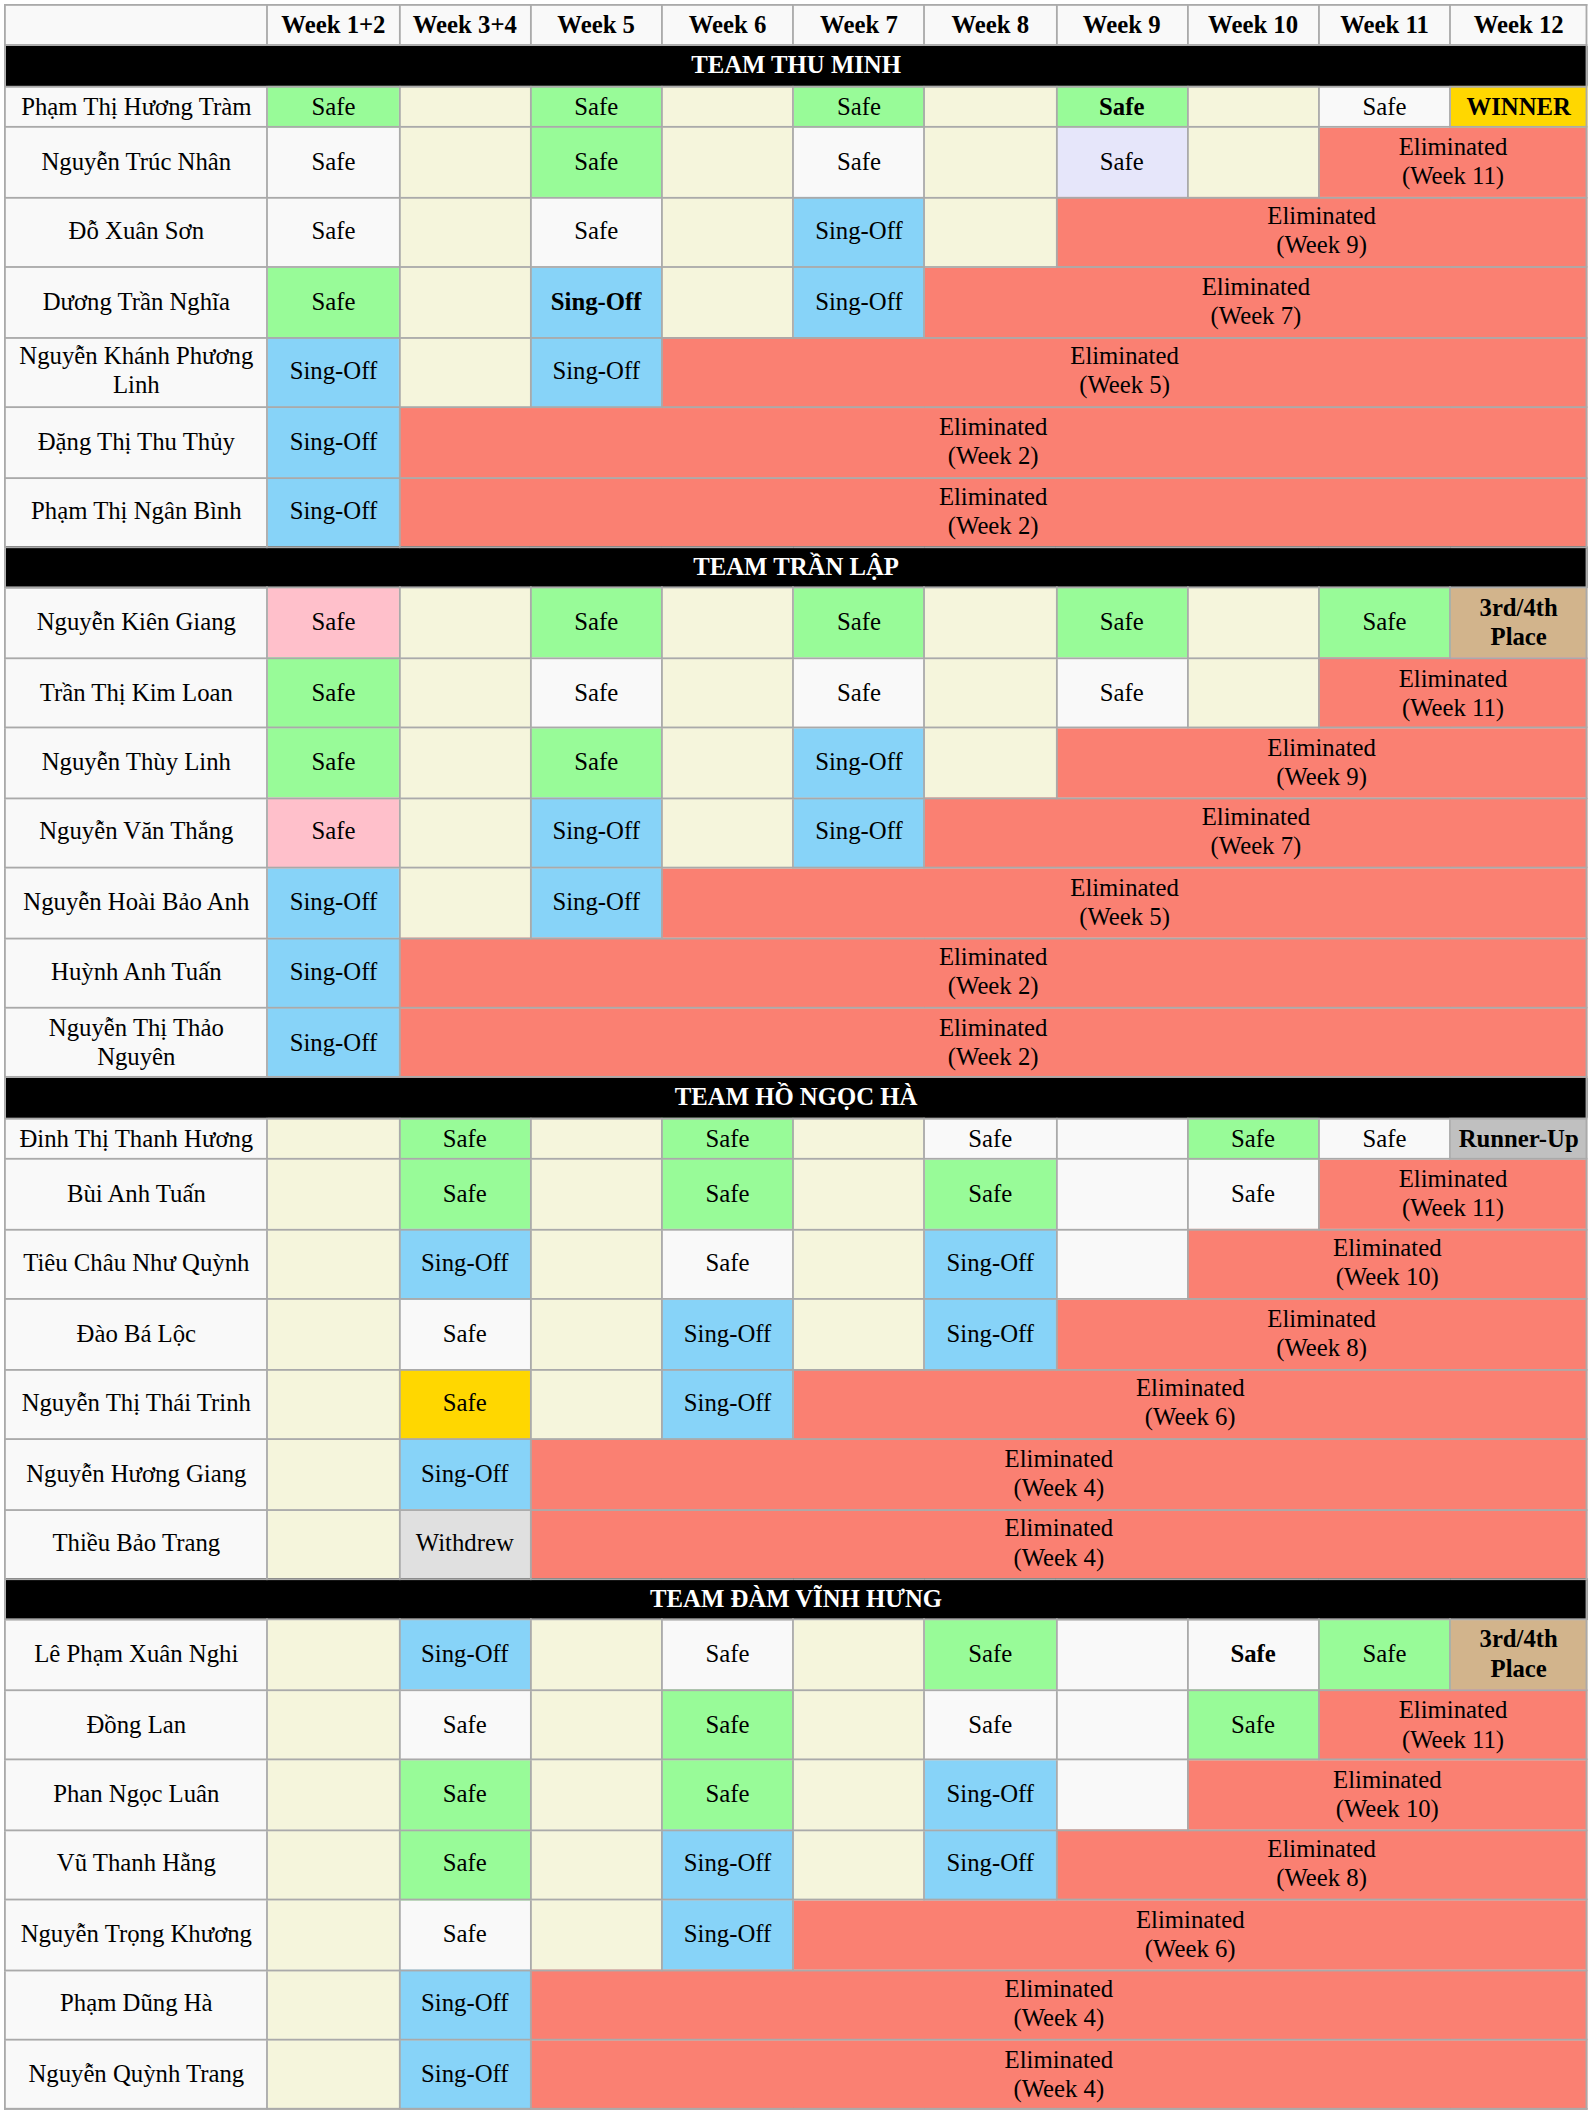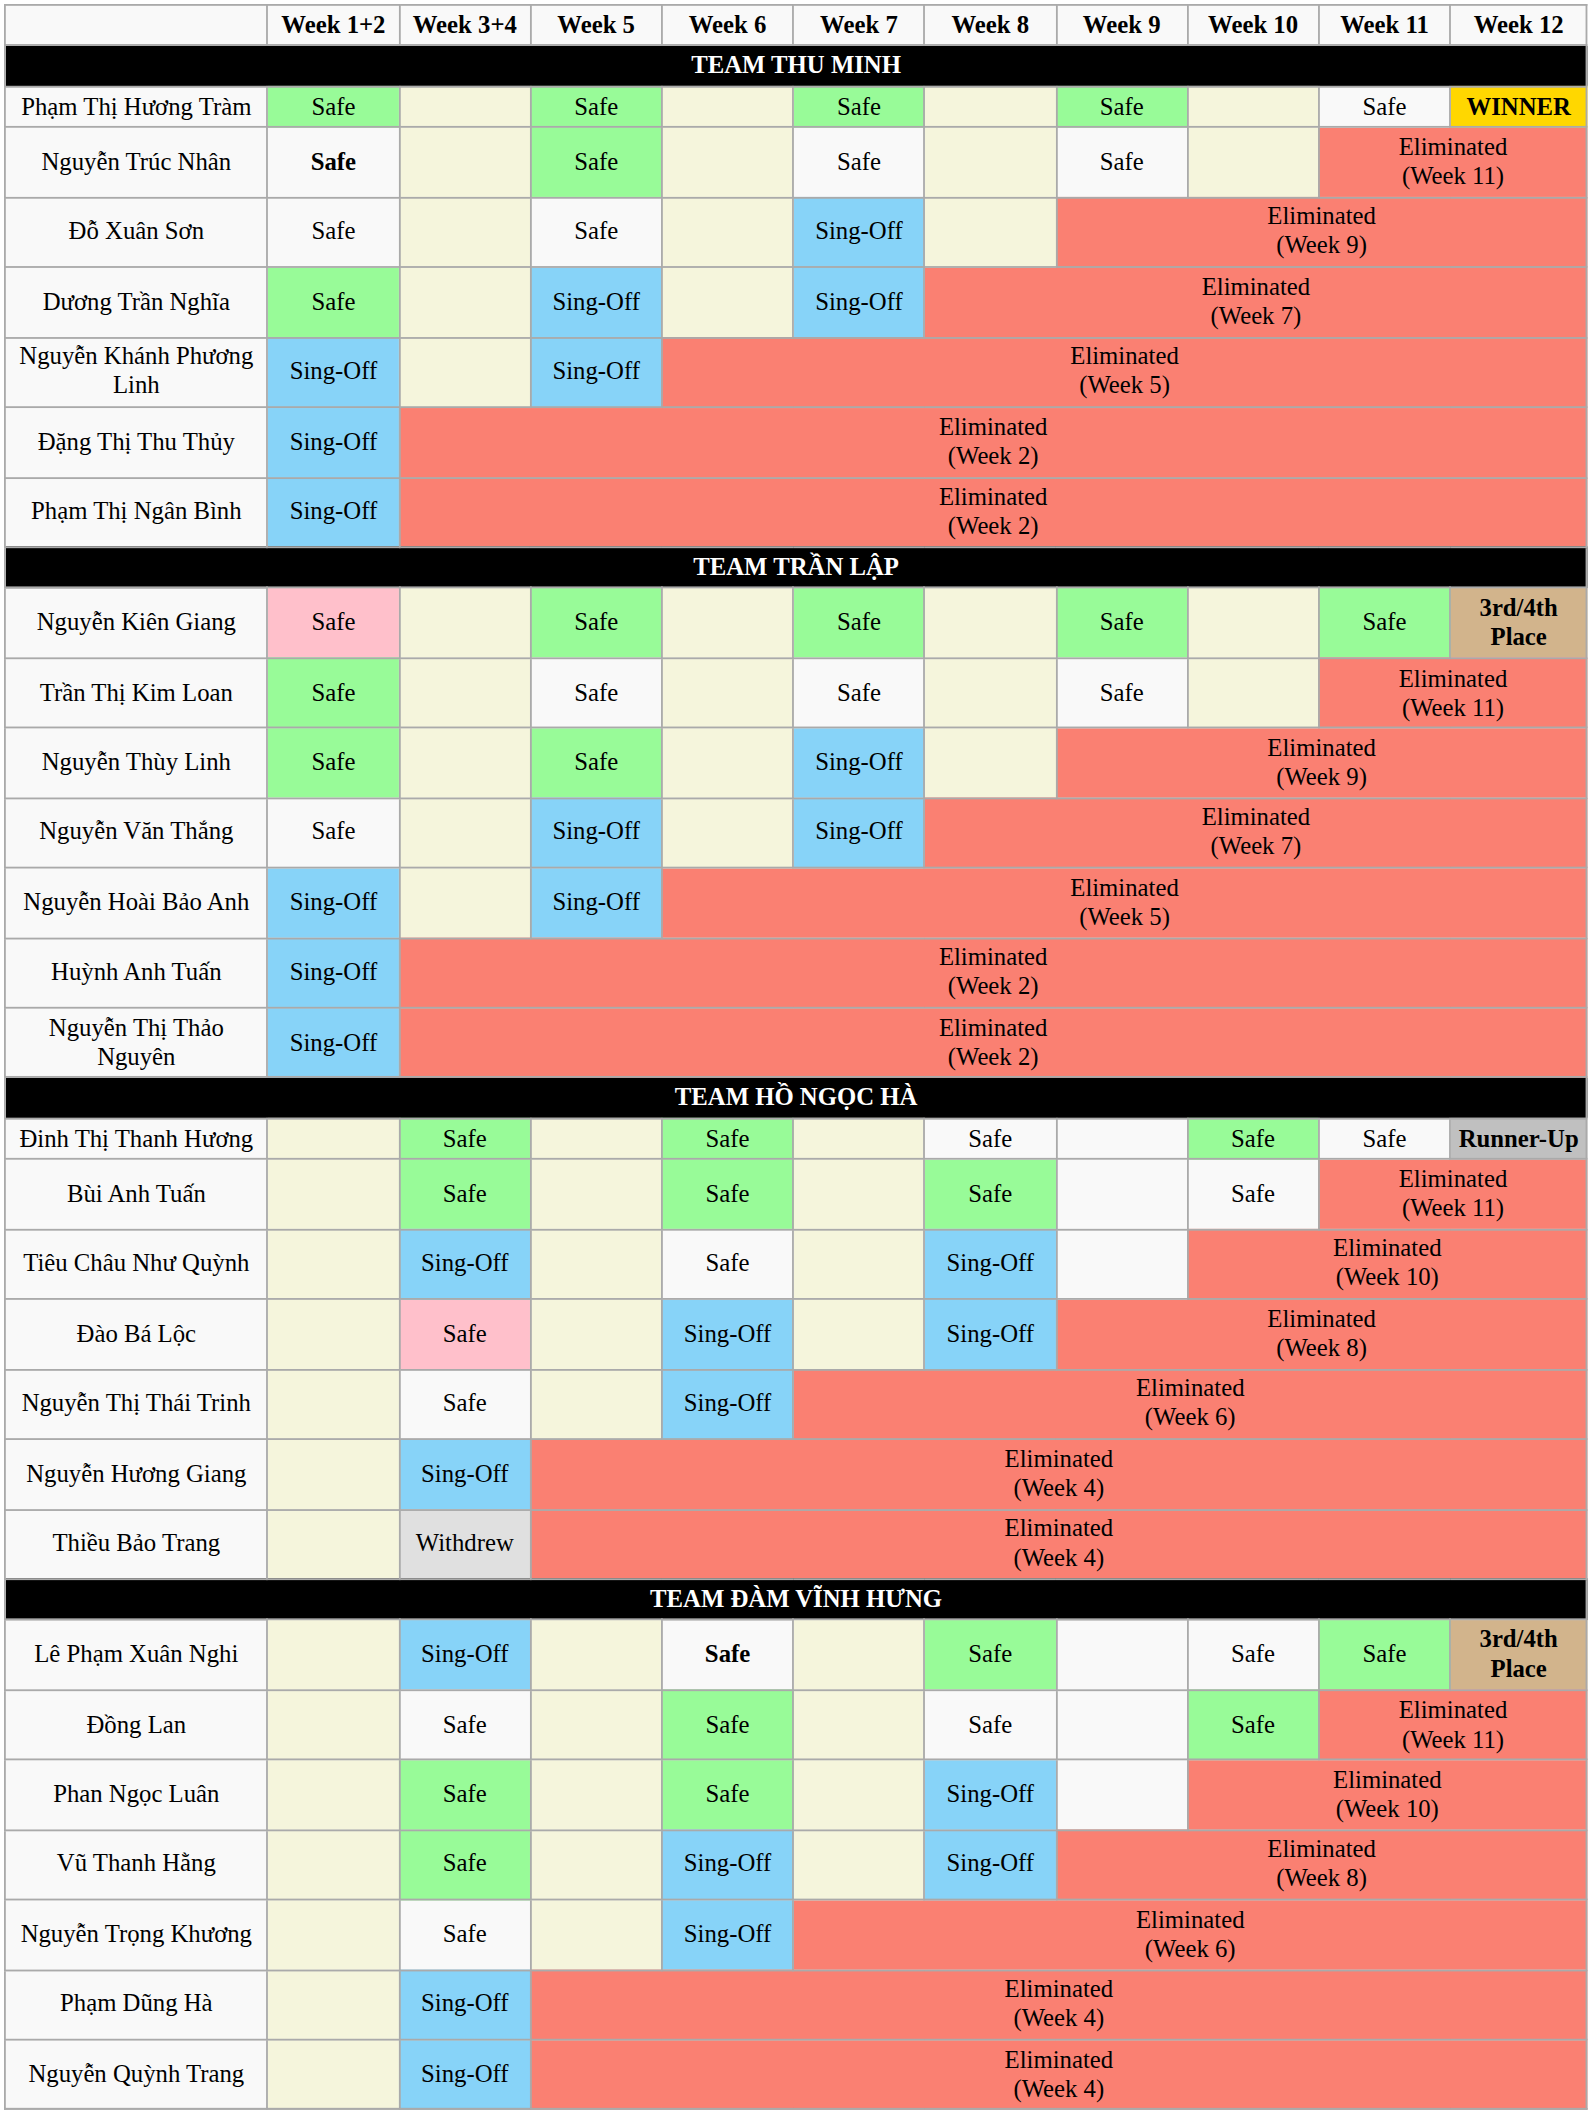 <table class="wikitable" style="text-align:center; font-size:85%">
 <tr>
 <td style="width:14%"></td>
 <td style="width:7%"><strong>Week 1+2</strong></td>
 <td style="width:7%"><strong>Week 3+4</strong></td>
 <td style="width:7%"><strong>Week 5</strong></td>
 <td style="width:7%"><strong>Week 6</strong></td>
 <td style="width:7%"><strong>Week 7</strong></td>
 <td style="width:7%"><strong>Week 8</strong></td>
 <td style="width:7%"><strong>Week 9</strong></td>
 <td style="width:7%"><strong>Week 10</strong></td>
 <td style="width:7%"><strong>Week 11</strong></td>
 <td style="width:7%"><strong>Week 12</strong></td>
 </tr>
 <tr>
 <td style="background:black;color:white;" colspan=11><strong>TEAM THU MINH</strong></td>
 </tr>
 <tr>
 <td>Phạm Thị Hương Tràm</td>
 <td bgcolor="palegreen">Safe</td>
 <td bgcolor="#F5F5DC"></td>
 <td bgcolor="palegreen">Safe</td>
 <td bgcolor="#F5F5DC"></td>
 <td bgcolor="palegreen">Safe</td>
 <td bgcolor="#F5F5DC"></td>
-<td bgcolor="palegreen"><strong>Safe</strong></td>
+<td bgcolor="palegreen">Safe</td>
 <td bgcolor="#F5F5DC"></td>
 <td>Safe</td>
 <td bgcolor="gold"><strong>WINNER</strong></td>
 </tr>
 <tr>
 <td>Nguyễn Trúc Nhân</td>
-<td>Safe</td>
+<td><strong>Safe</strong></td>
 <td bgcolor="#F5F5DC"></td>
 <td bgcolor="palegreen">Safe</td>
 <td bgcolor="#F5F5DC"></td>
 <td>Safe</td>
 <td bgcolor="#F5F5DC"></td>
-<td style="background: lavender;">Safe</td>
+<td>Safe</td>
 <td bgcolor="#F5F5DC"></td>
 <td style="background:#FA8072" colspan=4>Eliminated<br>(Week 11)</td>
 </tr>
 <tr>
 <td>Đỗ Xuân Sơn</td>
 <td>Safe</td>
 <td bgcolor="#F5F5DC"></td>
 <td>Safe</td>
 <td bgcolor="#F5F5DC"></td>
 <td bgcolor="#87D3F8">Sing-Off</td>
 <td bgcolor="#F5F5DC"></td>
 <td style="background:#FA8072" colspan=4>Eliminated<br>(Week 9)</td>
 </tr>
 <tr>
 <td>Dương Trần Nghĩa</td>
 <td bgcolor="palegreen">Safe</td>
 <td bgcolor="#F5F5DC"></td>
-<td bgcolor="#87D3F8"><strong>Sing-Off</strong></td>
+<td bgcolor="#87D3F8">Sing-Off</td>
 <td bgcolor="#F5F5DC"></td>
 <td bgcolor="#87D3F8">Sing-Off</td>
 <td style="background:#FA8072" colspan=5>Eliminated<br>(Week 7)</td>
 </tr>
 <tr>
 <td>Nguyễn Khánh Phương Linh</td>
 <td bgcolor="#87D3F8">Sing-Off</td>
 <td bgcolor="#F5F5DC"></td>
 <td bgcolor="#87D3F8">Sing-Off</td>
 <td style="background:#FA8072" colspan=7>Eliminated<br>(Week 5)</td>
 </tr>
 <tr>
 <td>Đặng Thị Thu Thủy</td>
 <td bgcolor="#87D3F8">Sing-Off</td>
 <td style="background:#FA8072" colspan=9>Eliminated<br>(Week 2)</td>
 </tr>
 <tr>
 <td>Phạm Thị Ngân Bình</td>
 <td bgcolor="#87D3F8">Sing-Off</td>
 <td style="background:#FA8072" colspan=9>Eliminated<br>(Week 2)</td>
 </tr>
 <tr>
 <td style="background:black;color:white;" colspan=11><strong>TEAM TRẦN LẬP</strong></td>
 </tr>
 <tr>
 <td>Nguyễn Kiên Giang</td>
 <td style="background: pink;">Safe</td>
 <td bgcolor="#F5F5DC"></td>
 <td bgcolor="palegreen">Safe</td>
 <td bgcolor="#F5F5DC"></td>
 <td bgcolor="palegreen">Safe</td>
 <td bgcolor="#F5F5DC"></td>
 <td bgcolor="palegreen">Safe</td>
 <td bgcolor="#F5F5DC"></td>
 <td bgcolor="palegreen">Safe</td>
 <td bgcolor="tan"><strong>3rd/4th Place</strong></td>
 </tr>
 <tr>
 <td>Trần Thị Kim Loan</td>
 <td bgcolor="palegreen">Safe</td>
 <td bgcolor="#F5F5DC"></td>
 <td>Safe</td>
 <td bgcolor="#F5F5DC"></td>
 <td>Safe</td>
 <td bgcolor="#F5F5DC"></td>
 <td>Safe</td>
 <td bgcolor="#F5F5DC"></td>
 <td style="background:#FA8072" colspan=4>Eliminated<br>(Week 11)</td>
 </tr>
 <tr>
 <td>Nguyễn Thùy Linh</td>
 <td bgcolor="palegreen">Safe</td>
 <td bgcolor="#F5F5DC"></td>
 <td bgcolor="palegreen">Safe</td>
 <td bgcolor="#F5F5DC"></td>
 <td bgcolor="#87D3F8">Sing-Off</td>
 <td bgcolor="#F5F5DC"></td>
 <td style="background:#FA8072" colspan=4>Eliminated<br>(Week 9)</td>
 </tr>
 <tr>
 <td>Nguyễn Văn Thắng</td>
-<td style="background: pink;">Safe</td>
+<td>Safe</td>
 <td bgcolor="#F5F5DC"></td>
 <td bgcolor="#87D3F8">Sing-Off</td>
 <td bgcolor="#F5F5DC"></td>
 <td bgcolor="#87D3F8">Sing-Off</td>
 <td style="background:#FA8072" colspan=5>Eliminated<br>(Week 7)</td>
 </tr>
 <tr>
 <td>Nguyễn Hoài Bảo Anh</td>
 <td bgcolor="#87D3F8">Sing-Off</td>
 <td bgcolor="#F5F5DC"></td>
 <td bgcolor="#87D3F8">Sing-Off</td>
 <td style="background:#FA8072" colspan=7>Eliminated<br>(Week 5)</td>
 </tr>
 <tr>
 <td>Huỳnh Anh Tuấn</td>
 <td bgcolor="#87D3F8">Sing-Off</td>
 <td style="background:#FA8072" colspan=9>Eliminated<br>(Week 2)</td>
 </tr>
 <tr>
 <td>Nguyễn Thị Thảo Nguyên</td>
 <td bgcolor="#87D3F8">Sing-Off</td>
 <td style="background:#FA8072" colspan=9>Eliminated<br>(Week 2)</td>
 </tr>
 <tr>
 <td style="background:black;color:white;" colspan=11><strong>TEAM HỒ NGỌC HÀ</strong></td>
 </tr>
 <tr>
 <td>Đinh Thị Thanh Hương</td>
 <td bgcolor="#F5F5DC"></td>
 <td bgcolor="palegreen">Safe</td>
 <td bgcolor="#F5F5DC"></td>
 <td bgcolor="palegreen">Safe</td>
 <td bgcolor="#F5F5DC"></td>
 <td>Safe</td>
 <td></td>
 <td bgcolor="palegreen">Safe</td>
 <td>Safe</td>
 <td bgcolor="silver"><strong>Runner-Up</strong></td>
 </tr>
 <tr>
 <td>Bùi Anh Tuấn</td>
 <td bgcolor="#F5F5DC"></td>
 <td bgcolor="palegreen">Safe</td>
 <td bgcolor="#F5F5DC"></td>
 <td bgcolor="palegreen">Safe</td>
 <td bgcolor="#F5F5DC"></td>
 <td bgcolor="palegreen">Safe</td>
 <td></td>
 <td>Safe</td>
 <td style="background:#FA8072" colspan=4>Eliminated<br>(Week 11)</td>
 </tr>
 <tr>
 <td>Tiêu Châu Như Quỳnh</td>
 <td bgcolor="#F5F5DC"></td>
 <td bgcolor="#87D3F8">Sing-Off</td>
 <td bgcolor="#F5F5DC"></td>
 <td>Safe</td>
 <td bgcolor="#F5F5DC"></td>
 <td bgcolor="#87D3F8">Sing-Off</td>
 <td></td>
 <td style="background:#FA8072" colspan=3>Eliminated<br>(Week 10)</td>
 </tr>
 <tr>
 <td>Đào Bá Lộc</td>
 <td bgcolor="#F5F5DC"></td>
-<td>Safe</td>
+<td style="background: pink;">Safe</td>
 <td bgcolor="#F5F5DC"></td>
 <td bgcolor="#87D3F8">Sing-Off</td>
 <td bgcolor="#F5F5DC"></td>
 <td bgcolor="87D3F8">Sing-Off</td>
 <td style="background:#FA8072" colspan=4>Eliminated<br>(Week 8)</td>
 </tr>
 <tr>
 <td>Nguyễn Thị Thái Trinh</td>
 <td bgcolor="#F5F5DC"></td>
-<td style="background: gold;">Safe</td>
+<td>Safe</td>
 <td bgcolor="#F5F5DC"></td>
 <td bgcolor="#87D3F8">Sing-Off</td>
 <td style="background:#FA8072" colspan=6>Eliminated<br>(Week 6)</td>
 </tr>
 <tr>
 <td>Nguyễn Hương Giang</td>
 <td bgcolor="#F5F5DC"></td>
 <td bgcolor="#87D3F8">Sing-Off</td>
 <td style="background:#FA8072" colspan=8>Eliminated<br>(Week 4)</td>
 </tr>
 <tr>
 <td>Thiều Bảo Trang</td>
 <td bgcolor="#F5F5DC"></td>
 <td bgcolor="#E0E0E0">Withdrew</td>
 <td style="background:#FA8072" colspan=8>Eliminated<br>(Week 4)</td>
 </tr>
 <tr>
 <td style="background:black; color:white" colspan=11><strong>TEAM ĐÀM VĨNH HƯNG</strong></td>
 </tr>
 <tr>
 <td>Lê Phạm Xuân Nghi</td>
 <td bgcolor="#F5F5DC"></td>
 <td bgcolor="#87D3F8">Sing-Off</td>
 <td bgcolor="#F5F5DC"></td>
-<td>Safe</td>
+<td><strong>Safe</strong></td>
 <td bgcolor="#F5F5DC"></td>
 <td bgcolor="palegreen">Safe</td>
 <td></td>
-<td><strong>Safe</strong></td>
+<td>Safe</td>
 <td bgcolor="palegreen">Safe</td>
 <td bgcolor="tan"><strong>3rd/4th Place</strong></td>
 </tr>
 <tr>
 <td>Đồng Lan</td>
 <td bgcolor="#F5F5DC"></td>
 <td>Safe</td>
 <td bgcolor="#F5F5DC"></td>
 <td bgcolor="palegreen">Safe</td>
 <td bgcolor="#F5F5DC"></td>
 <td>Safe</td>
 <td></td>
 <td bgcolor="palegreen">Safe</td>
 <td style="background:#FA8072" colspan=4>Eliminated<br>(Week 11)</td>
 </tr>
 <tr>
 <td>Phan Ngọc Luân</td>
 <td bgcolor="#F5F5DC"></td>
 <td bgcolor="palegreen">Safe</td>
 <td bgcolor="#F5F5DC"></td>
 <td bgcolor="palegreen">Safe</td>
 <td bgcolor="#F5F5DC"></td>
 <td bgcolor="#87D3F8">Sing-Off</td>
 <td></td>
 <td style="background:#FA8072" colspan=3>Eliminated<br>(Week 10)</td>
 </tr>
 <tr>
 <td>Vũ Thanh Hằng</td>
 <td bgcolor="#F5F5DC"></td>
 <td bgcolor="palegreen">Safe</td>
 <td bgcolor="#F5F5DC"></td>
 <td bgcolor="#87D3F8">Sing-Off</td>
 <td bgcolor="#F5F5DC"></td>
 <td bgcolor="#87D3F8">Sing-Off</td>
 <td style="background:#FA8072" colspan=4>Eliminated<br>(Week 8)</td>
 </tr>
 <tr>
 <td>Nguyễn Trọng Khương</td>
 <td bgcolor="#F5F5DC"></td>
 <td>Safe</td>
 <td bgcolor="#F5F5DC"></td>
 <td bgcolor="#87D3F8">Sing-Off</td>
 <td style="background:#FA8072" colspan=6>Eliminated<br>(Week 6)</td>
 </tr>
 <tr>
 <td>Phạm Dũng Hà</td>
 <td bgcolor="#F5F5DC"></td>
 <td bgcolor="#87D3F8">Sing-Off</td>
 <td style="background:#FA8072" colspan=8>Eliminated<br>(Week 4)</td>
 </tr>
 <tr>
 <td>Nguyễn Quỳnh Trang</td>
 <td bgcolor="#F5F5DC"></td>
 <td bgcolor="#87D3F8">Sing-Off</td>
 <td style="background:#FA8072" colspan=8>Eliminated<br>(Week 4)</td>
 </tr>
 <tr>
 </tr>
 </table>
